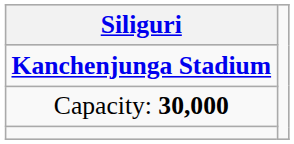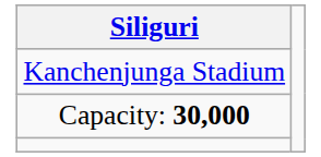 <table class="wikitable" style="margin:1em auto; text-align:center">
 <tr>
 <th><a href='#'>Siliguri</a></th>
 <td rowspan="4"></td>
 </tr>
 <tr>
-<td><strong><a href='#'>Kanchenjunga Stadium</a></strong></td>
+<td><a href='#'>Kanchenjunga Stadium</a></td>
 </tr>
 <tr>
 <td>Capacity: <strong>30,000</strong></td>
 </tr>
 <tr>
 <td></td>
 </tr>
 </table>
